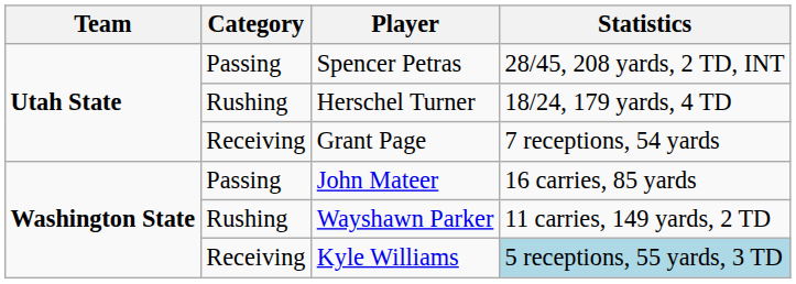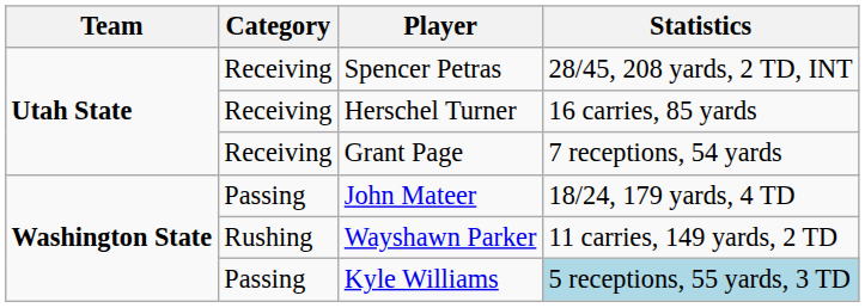 <table class="wikitable" style="float: right;">
 <tr>
 <th>Team</th>
 <th>Category</th>
 <th>Player</th>
 <th>Statistics</th>
 </tr>
 <tr>
 <td rowspan=3><strong>Utah State</strong></td>
-<td>Passing</td>
+<td>Receiving</td>
 <td>Spencer Petras</td>
 <td>28/45, 208 yards, 2 TD, INT</td>
 </tr>
 <tr>
-<td>Rushing</td>
+<td>Receiving</td>
 <td>Herschel Turner</td>
-<td>18/24, 179 yards, 4 TD</td>
+<td>16 carries, 85 yards</td>
 </tr>
 <tr>
 <td>Receiving</td>
 <td>Grant Page</td>
 <td>7 receptions, 54 yards</td>
 </tr>
 <tr>
 <td rowspan=3><strong>Washington State</strong></td>
 <td>Passing</td>
 <td><a href='#'>John Mateer</a></td>
-<td>16 carries, 85 yards</td>
+<td>18/24, 179 yards, 4 TD</td>
 </tr>
 <tr>
 <td>Rushing</td>
 <td><a href='#'>Wayshawn Parker</a></td>
 <td>11 carries, 149 yards, 2 TD</td>
 </tr>
 <tr>
-<td>Receiving</td>
+<td>Passing</td>
 <td><a href='#'>Kyle Williams</a></td>
 <td style="background: lightblue;">5 receptions, 55 yards, 3 TD</td>
 </tr>
 </table>
